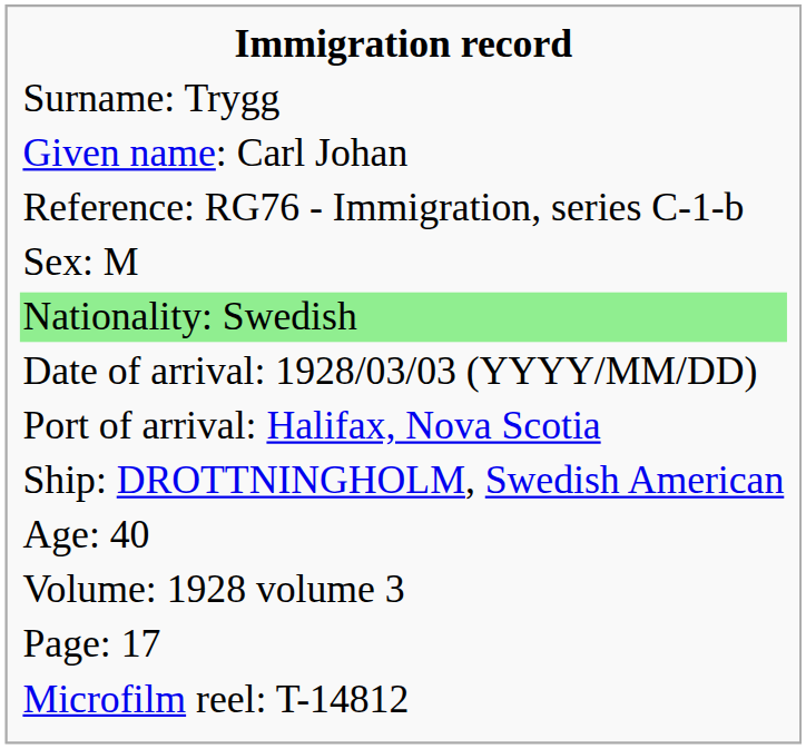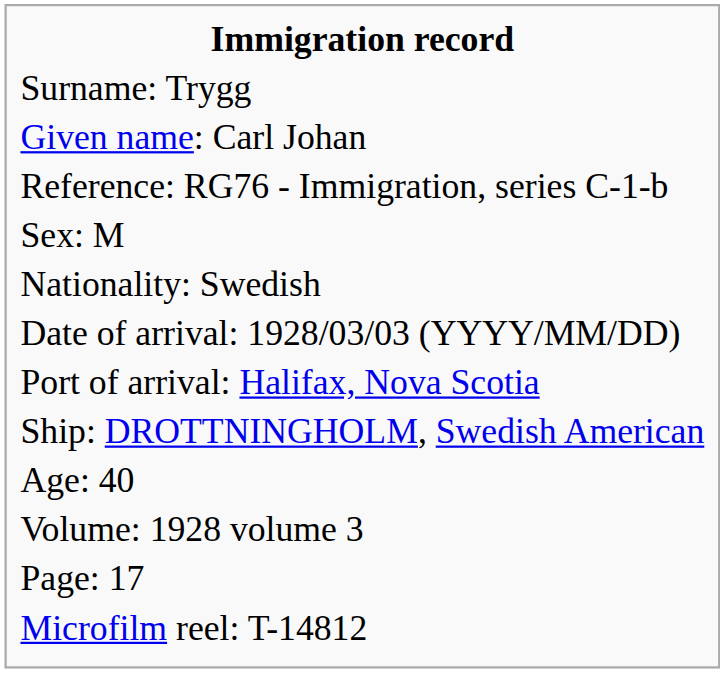 <table class="infobox">
 <tr>
 <th>Immigration record</th>
 </tr>
 <tr>
 <td>Surname:      Trygg</td>
 </tr>
 <tr>
 <td><a href='#'>Given name</a>:     Carl Johan</td>
 </tr>
 <tr>
 <td>Reference:     RG76 - Immigration, series C-1-b</td>
 </tr>
 <tr>
 <td>Sex:     M</td>
 </tr>
 <tr>
-<td style="background: lightgreen;">Nationality:     Swedish</td>
+<td>Nationality:     Swedish</td>
 </tr>
 <tr>
 <td>Date of arrival:     1928/03/03 (YYYY/MM/DD)</td>
 </tr>
 <tr>
 <td>Port of arrival:     <a href='#'>Halifax, Nova Scotia</a></td>
 </tr>
 <tr>
 <td>Ship:     <a href='#'>DROTTNINGHOLM</a>, <a href='#'>Swedish American</a></td>
 </tr>
 <tr>
 <td>Age:     40</td>
 </tr>
 <tr>
 <td>Volume:     1928 volume 3</td>
 </tr>
 <tr>
 <td>Page:     17</td>
 </tr>
 <tr>
 <td><a href='#'>Microfilm</a> reel:     T-14812</td>
 </tr>
 <tr>
 </tr>
 </table>
